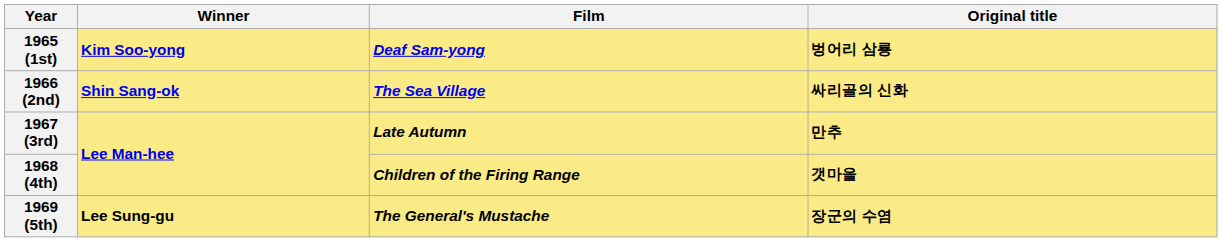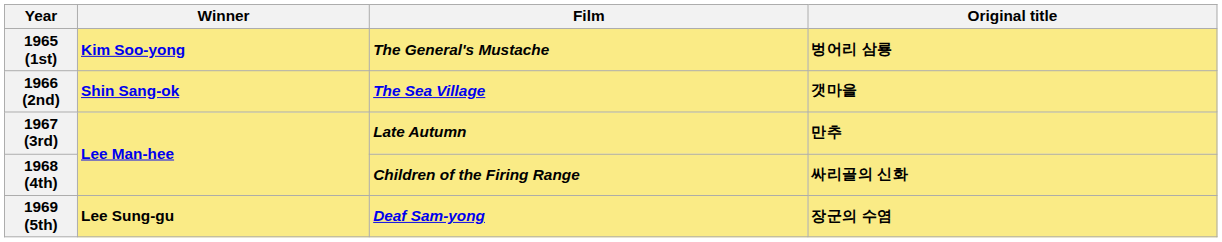 <table class="wikitable" style="width:100%;" cellpadding="6">
 <tr>
 <th style="width:5%;">Year</th>
 <th style="width:20%;">Winner</th>
 <th style="width:30%;">Film</th>
 <th style="width:28%;">Original title</th>
 </tr>
 <tr>
 <th>1965<br>(1st)</th>
 <td style="background:#FAEB86;"><strong><a href='#'>Kim Soo-yong</a> </strong></td>
-<td style="background:#FAEB86;"><em><a href='#'><strong>Deaf Sam-yong</strong></a></em></td>
+<td style="background:#FAEB86;"><strong><em>The General's Mustache</em></strong></td>
 <td style="background:#FAEB86;"><strong>벙어리 삼룡</strong></td>
 </tr>
 <tr>
 <th>1966<br>(2nd)</th>
 <td style="background:#FAEB86;"><strong><a href='#'>Shin Sang-ok</a> </strong></td>
 <td style="background:#FAEB86;"><strong><em><a href='#'>The Sea Village</a></em></strong></td>
-<td style="background:#FAEB86;"><strong>싸리골의 신화</strong></td>
+<td style="background:#FAEB86;"><strong>갯마을</strong></td>
 </tr>
 <tr>
 <th>1967<br>(3rd)</th>
 <td rowspan="2" style="background:#FAEB86;"><a href='#'><strong>Lee Man-hee</strong></a> <strong></strong></td>
 <td style="background:#FAEB86;"><strong><em>Late Autumn</em></strong></td>
 <td style="background:#FAEB86;"><strong>만추</strong></td>
 </tr>
 <tr>
 <th>1968<br>(4th)</th>
 <td style="background:#FAEB86;"><strong><em>Children of the Firing Range</em></strong></td>
-<td style="background:#FAEB86;"><strong>갯마을</strong></td>
+<td style="background:#FAEB86;"><strong>싸리골의 신화</strong></td>
 </tr>
 <tr>
 <th>1969<br>(5th)</th>
 <td style="background:#FAEB86;"><strong>Lee Sung-gu </strong></td>
-<td style="background:#FAEB86;"><strong><em>The General's Mustache</em></strong></td>
+<td style="background:#FAEB86;"><em><a href='#'><strong>Deaf Sam-yong</strong></a></em></td>
 <td style="background:#FAEB86;"><strong>장군의 수염</strong></td>
 </tr>
 </table>
